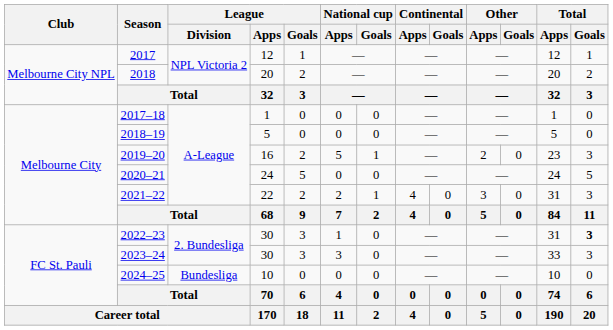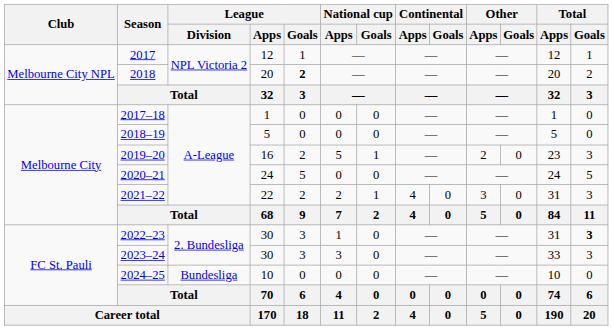 <table class="wikitable" style="text-align:center">
 <tr>
 <th rowspan="2">Club</th>
 <th rowspan="2">Season</th>
 <th colspan="3">League</th>
 <th colspan="2">National cup</th>
 <th colspan="2">Continental</th>
 <th colspan="2">Other</th>
 <th colspan="2">Total</th>
 </tr>
 <tr>
 <th>Division</th>
 <th>Apps</th>
 <th>Goals</th>
 <th>Apps</th>
 <th>Goals</th>
 <th>Apps</th>
 <th>Goals</th>
 <th>Apps</th>
 <th>Goals</th>
 <th>Apps</th>
 <th>Goals</th>
 </tr>
 <tr>
 <td rowspan="3"><a href='#'>Melbourne City NPL</a></td>
 <td><a href='#'>2017</a></td>
 <td rowspan="2"><a href='#'>NPL Victoria 2</a></td>
 <td>12</td>
 <td>1</td>
 <td colspan="2">—</td>
 <td colspan="2">—</td>
 <td colspan="2">—</td>
 <td>12</td>
 <td>1</td>
 </tr>
 <tr>
 <td><a href='#'>2018</a></td>
 <td>20</td>
-<td>2</td>
+<td><strong>2</strong></td>
 <td colspan="2">—</td>
 <td colspan="2">—</td>
 <td colspan="2">—</td>
 <td>20</td>
 <td>2</td>
 </tr>
 <tr>
 <th colspan="2">Total</th>
 <th>32</th>
 <th>3</th>
 <th colspan="2">—</th>
 <th colspan="2">—</th>
 <th colspan="2">—</th>
 <th>32</th>
 <th>3</th>
 </tr>
 <tr>
 <td rowspan="6"><a href='#'>Melbourne City</a></td>
 <td><a href='#'>2017–18</a></td>
 <td rowspan="5"><a href='#'>A-League</a></td>
 <td>1</td>
 <td>0</td>
 <td>0</td>
 <td>0</td>
 <td colspan="2">—</td>
 <td colspan="2">—</td>
 <td>1</td>
 <td>0</td>
 </tr>
 <tr>
 <td><a href='#'>2018–19</a></td>
 <td>5</td>
 <td>0</td>
 <td>0</td>
 <td>0</td>
 <td colspan="2">—</td>
 <td colspan="2">—</td>
 <td>5</td>
 <td>0</td>
 </tr>
 <tr>
 <td><a href='#'>2019–20</a></td>
 <td>16</td>
 <td>2</td>
 <td>5</td>
 <td>1</td>
 <td colspan="2">—</td>
 <td>2</td>
 <td>0</td>
 <td>23</td>
 <td>3</td>
 </tr>
 <tr>
 <td><a href='#'>2020–21</a></td>
 <td>24</td>
 <td>5</td>
 <td>0</td>
 <td>0</td>
 <td colspan="2">—</td>
 <td colspan="2">—</td>
 <td>24</td>
 <td>5</td>
 </tr>
 <tr>
 <td><a href='#'>2021–22</a></td>
 <td>22</td>
 <td>2</td>
 <td>2</td>
 <td>1</td>
 <td>4</td>
 <td>0</td>
 <td>3</td>
 <td>0</td>
 <td>31</td>
 <td>3</td>
 </tr>
 <tr>
 <th colspan="2">Total</th>
 <th>68</th>
 <th>9</th>
 <th>7</th>
 <th>2</th>
 <th>4</th>
 <th>0</th>
 <th>5</th>
 <th>0</th>
 <th>84</th>
 <th>11</th>
 </tr>
 <tr>
 <td rowspan="4"><a href='#'>FC St. Pauli</a></td>
 <td><a href='#'>2022–23</a></td>
 <td rowspan="2"><a href='#'>2. Bundesliga</a></td>
 <td>30</td>
 <td>3</td>
 <td>1</td>
 <td>0</td>
 <td colspan="2">—</td>
 <td colspan="2">—</td>
 <td>31</td>
 <td><strong>3</strong></td>
 </tr>
 <tr>
 <td><a href='#'>2023–24</a></td>
 <td>30</td>
 <td>3</td>
 <td>3</td>
 <td>0</td>
 <td colspan="2">—</td>
 <td colspan="2">—</td>
 <td>33</td>
 <td>3</td>
 </tr>
 <tr>
 <td><a href='#'>2024–25</a></td>
 <td><a href='#'>Bundesliga</a></td>
 <td>10</td>
 <td>0</td>
 <td>0</td>
 <td>0</td>
 <td colspan="2">—</td>
 <td colspan="2">—</td>
 <td>10</td>
 <td>0</td>
 </tr>
 <tr>
 <th colspan="2">Total</th>
 <th>70</th>
 <th>6</th>
 <th>4</th>
 <th>0</th>
 <th>0</th>
 <th>0</th>
 <th>0</th>
 <th>0</th>
 <th>74</th>
 <th>6</th>
 </tr>
 <tr>
 <th colspan="3">Career total</th>
 <th>170</th>
 <th>18</th>
 <th>11</th>
 <th>2</th>
 <th>4</th>
 <th>0</th>
 <th>5</th>
 <th>0</th>
 <th>190</th>
 <th>20</th>
 </tr>
 </table>
